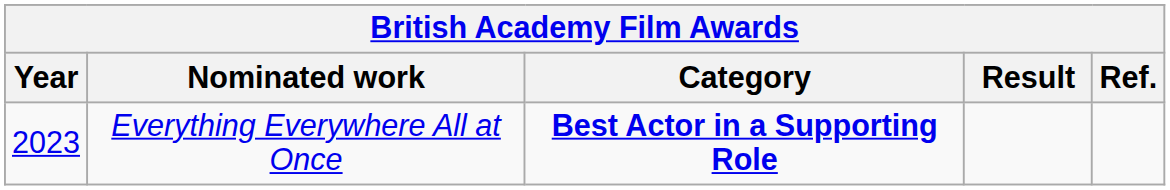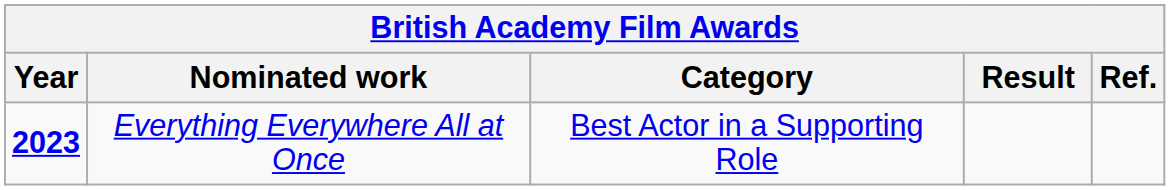 <table class="wikitable">
 <tr>
 <th colspan="5" align="center"><a href='#'>British Academy Film Awards</a></th>
 </tr>
 <tr>
 <th scope="col" style="width:1em;">Year</th>
 <th scope="col" style="width:30em;">Nominated work</th>
 <th scope="col" style="width:30em;">Category</th>
 <th scope="col" style="width:5em;">Result</th>
 <th scope="col" style="width:1em;">Ref.</th>
 </tr>
 <tr>
-<td align="center"><a href='#'>2023</a></td>
+<td align="center"><strong><a href='#'>2023</a></strong></td>
 <td align="center"><em><a href='#'>Everything Everywhere All at Once</a></em></td>
-<td align="center"><strong><a href='#'>Best Actor in a Supporting Role</a></strong></td>
+<td align="center"><a href='#'>Best Actor in a Supporting Role</a></td>
 <td></td>
 <td align="center"></td>
 </tr>
 </table>
